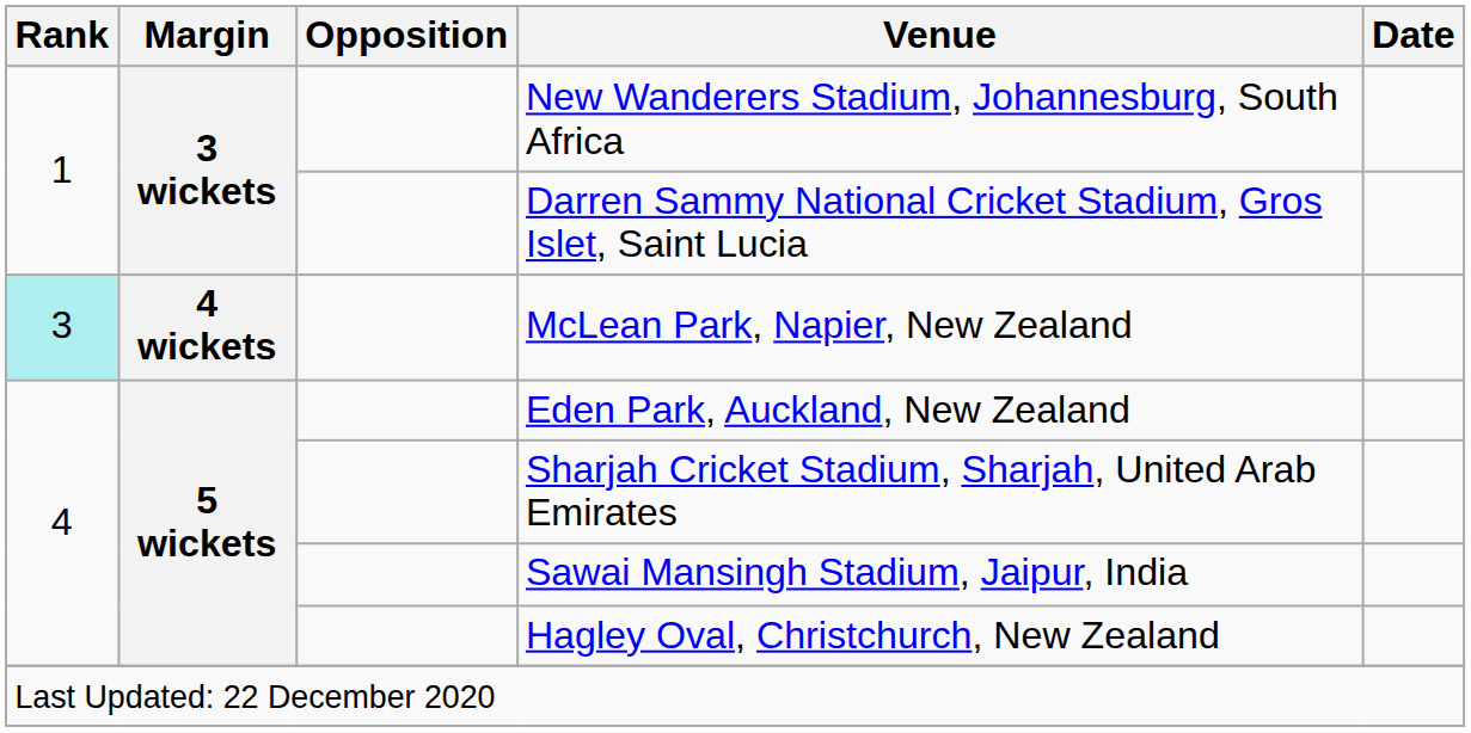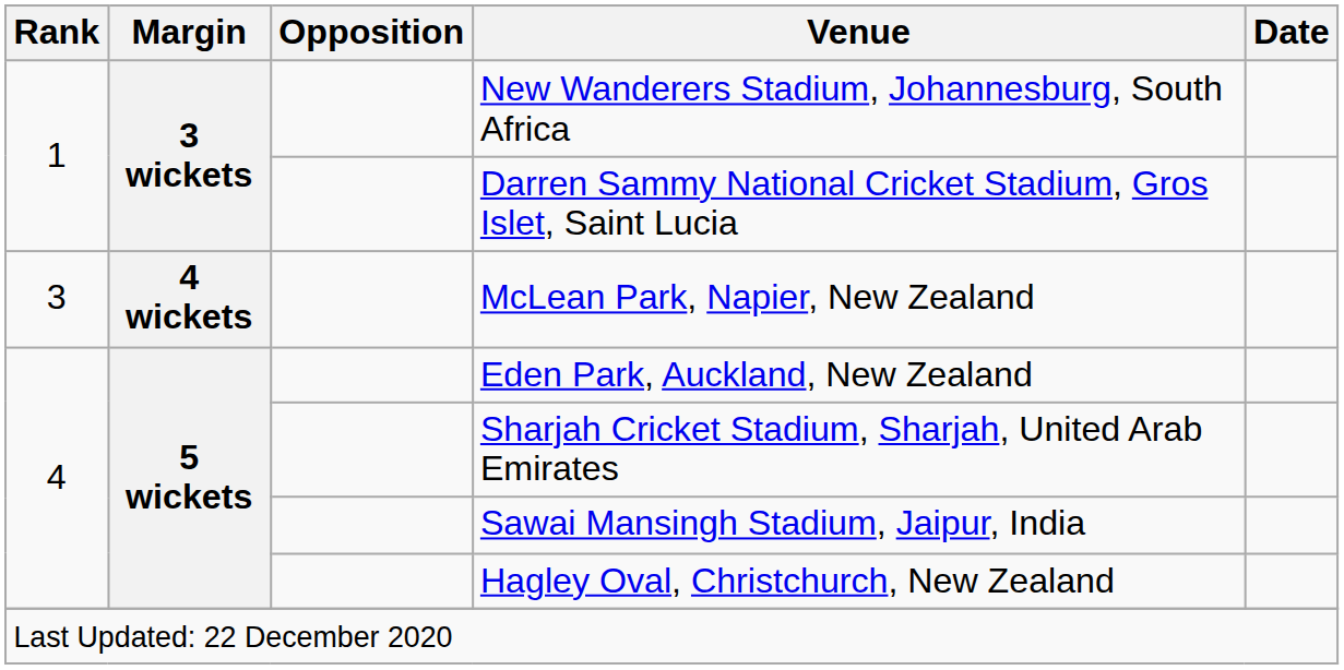 <table class="wikitable plainrowheaders sortable">
 <tr>
 <th scope=col>Rank</th>
 <th scope=col>Margin</th>
 <th scope=col>Opposition</th>
 <th scope=col>Venue</th>
 <th scope=col>Date</th>
 </tr>
 <tr>
 <td align=center rowspan=2>1</td>
 <th scope=row style=text-align:center rowspan=2>3 wickets</th>
 <td></td>
 <td><a href='#'>New Wanderers Stadium</a>, <a href='#'>Johannesburg</a>, South Africa</td>
 <td></td>
 </tr>
 <tr>
 <td></td>
 <td><a href='#'>Darren Sammy National Cricket Stadium</a>, <a href='#'>Gros Islet</a>, Saint Lucia</td>
 <td> </td>
 </tr>
 <tr>
-<td align=center style="background: paleturquoise;">3</td>
+<td align=center>3</td>
 <th scope=row style=text-align:center>4 wickets</th>
 <td></td>
 <td><a href='#'>McLean Park</a>, <a href='#'>Napier</a>, New Zealand</td>
 <td></td>
 </tr>
 <tr>
 <td align=center rowspan=4>4</td>
 <th scope=row style=text-align:center rowspan=4>5 wickets</th>
 <td></td>
 <td><a href='#'>Eden Park</a>, <a href='#'>Auckland</a>, New Zealand</td>
 <td></td>
 </tr>
 <tr>
 <td></td>
 <td><a href='#'>Sharjah Cricket Stadium</a>, <a href='#'>Sharjah</a>, United Arab Emirates</td>
 <td></td>
 </tr>
 <tr>
 <td></td>
 <td><a href='#'>Sawai Mansingh Stadium</a>, <a href='#'>Jaipur</a>, India</td>
 <td></td>
 </tr>
 <tr>
 <td></td>
 <td><a href='#'>Hagley Oval</a>, <a href='#'>Christchurch</a>, New Zealand</td>
 <td></td>
 </tr>
 <tr>
 </tr>
 <tr class=sortbottom>
 <td colspan=5><small>Last Updated: 22 December 2020</small></td>
 </tr>
 </table>
